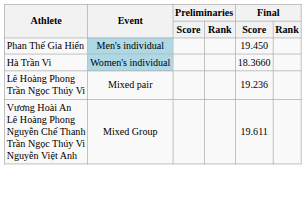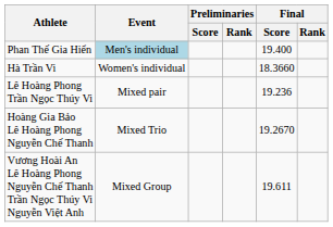 <table class="wikitable" style="font-size:90%">
 <tr>
 <th rowspan=2>Athlete</th>
 <th rowspan=2>Event</th>
 <th colspan=2=2>Preliminaries</th>
 <th colspan=2>Final</th>
 </tr>
 <tr style="font=size:95%">
 <th>Score</th>
 <th>Rank</th>
 <th>Score</th>
 <th>Rank</th>
 </tr>
 <tr align=center>
 <td align=left>Phan Thế Gia Hiển</td>
 <td align=center style="background: lightblue;">Men's individual</td>
 <td></td>
 <td></td>
-<td>19.450</td>
+<td>19.400</td>
 <td></td>
 </tr>
 <tr align=center>
 <td align=left>Hà Trần Vi</td>
-<td align=center style="background: lightblue;">Women's individual</td>
+<td align=center>Women's individual</td>
 <td></td>
 <td></td>
 <td>18.3660</td>
 <td></td>
 </tr>
 <tr align=center>
 <td align=left>Lê Hoàng Phong<br>Trần Ngọc Thúy Vi</td>
 <td align=center>Mixed pair</td>
 <td></td>
 <td></td>
 <td>19.236</td>
 <td></td>
 </tr>
 <tr align=center>
+<td align=left>Hoàng Gia Bảo<br>Lê Hoàng Phong<br>Nguyễn Chế Thanh</td>
+<td align=center>Mixed Trio</td>
+<td></td>
+<td></td>
+<td>19.2670</td>
+<td></td>
+</tr>
+<tr align=center>
 <td align=left>Vương Hoài An<br>Lê Hoàng Phong<br>Nguyễn Chế Thanh<br>Trần Ngọc Thúy Vi<br>Nguyễn Việt Anh</td>
 <td align=center>Mixed Group</td>
 <td></td>
 <td></td>
 <td>19.611</td>
 <td></td>
 </tr>
 </table>
